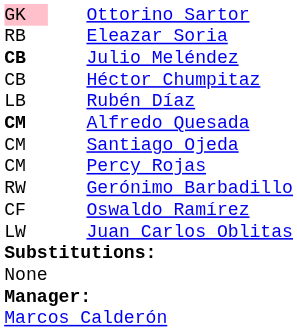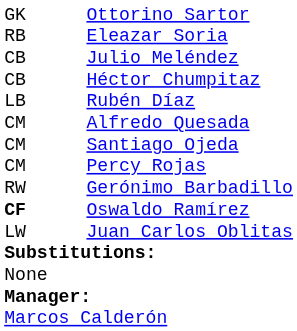 <table cellspacing="0" cellpadding="0" style="font-size:90%; margin:0.2em auto;">
 <tr>
 <th width="25"></th>
 <th width="25"></th>
 </tr>
 <tr>
-<td style="background: pink;">GK</td>
+<td>GK</td>
 <td></td>
 <td><a href='#'>Ottorino Sartor</a></td>
 </tr>
 <tr>
 <td>RB</td>
 <td></td>
 <td><a href='#'>Eleazar Soria</a></td>
 </tr>
 <tr>
-<td><strong>CB</strong></td>
+<td>CB</td>
 <td></td>
 <td><a href='#'>Julio Meléndez</a></td>
 </tr>
 <tr>
 <td>CB</td>
 <td></td>
 <td><a href='#'>Héctor Chumpitaz</a></td>
 </tr>
 <tr>
 <td>LB</td>
 <td></td>
 <td><a href='#'>Rubén Díaz</a></td>
 </tr>
 <tr>
-<td><strong>CM</strong></td>
+<td>CM</td>
 <td></td>
 <td><a href='#'>Alfredo Quesada</a></td>
 </tr>
 <tr>
 <td>CM</td>
 <td></td>
 <td><a href='#'>Santiago Ojeda</a></td>
 </tr>
 <tr>
 <td>CM</td>
 <td></td>
 <td><a href='#'>Percy Rojas</a></td>
 </tr>
 <tr>
 <td>RW</td>
 <td></td>
 <td><a href='#'>Gerónimo Barbadillo</a></td>
 </tr>
 <tr>
-<td>CF</td>
+<td><strong>CF</strong></td>
 <td></td>
 <td><a href='#'>Oswaldo Ramírez</a></td>
 </tr>
 <tr>
 <td>LW</td>
 <td></td>
 <td><a href='#'>Juan Carlos Oblitas</a></td>
 </tr>
 <tr>
 <td colspan=4><strong>Substitutions:</strong></td>
 </tr>
 <tr>
 <td>None</td>
 </tr>
 <tr>
 <td colspan=5><strong>Manager:</strong></td>
 </tr>
 <tr>
 <td colspan=5><a href='#'>Marcos Calderón</a></td>
 </tr>
 </table>
